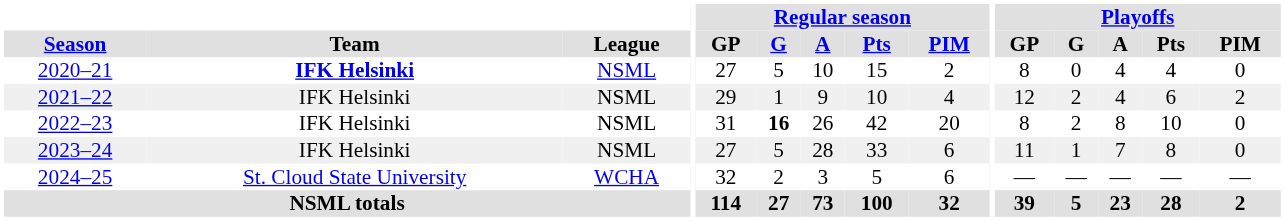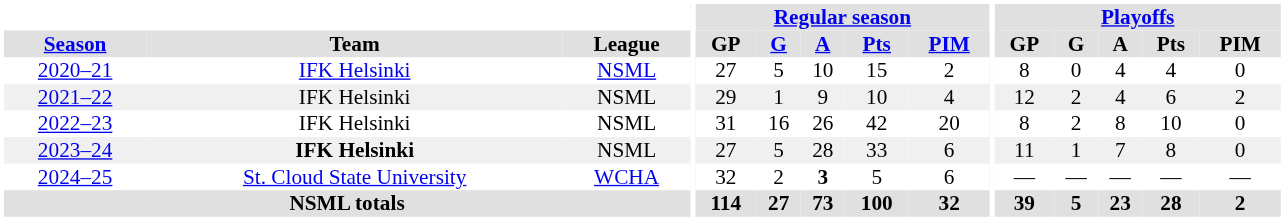 <table border="0" cellpadding="1" cellspacing="0" style="text-align:center; width:60em">
 <tr bgcolor="#e0e0e0">
 <th colspan="3" bgcolor="#ffffff"></th>
 <th rowspan="97" bgcolor="#ffffff"></th>
 <th colspan="5"><a href='#'>Regular season</a></th>
 <th rowspan="97" bgcolor="#ffffff"></th>
 <th colspan="5"><a href='#'>Playoffs</a></th>
 </tr>
 <tr bgcolor="#e0e0e0">
 <th><a href='#'>Season</a></th>
 <th>Team</th>
 <th>League</th>
 <th>GP</th>
 <th><a href='#'>G</a></th>
 <th><a href='#'>A</a></th>
 <th><a href='#'>Pts</a></th>
 <th><a href='#'>PIM</a></th>
 <th>GP</th>
 <th>G</th>
 <th>A</th>
 <th>Pts</th>
 <th>PIM</th>
 </tr>
 <tr>
 <td><a href='#'>2020–21</a></td>
-<td><strong><a href='#'>IFK Helsinki</a></strong></td>
+<td><a href='#'>IFK Helsinki</a></td>
 <td><a href='#'>NSML</a></td>
 <td>27</td>
 <td>5</td>
 <td>10</td>
 <td>15</td>
 <td>2</td>
 <td>8</td>
 <td>0</td>
 <td>4</td>
 <td>4</td>
 <td>0</td>
 </tr>
 <tr bgcolor="#f0f0f0">
 <td><a href='#'>2021–22</a></td>
 <td>IFK Helsinki</td>
 <td>NSML</td>
 <td>29</td>
 <td>1</td>
 <td>9</td>
 <td>10</td>
 <td>4</td>
 <td>12</td>
 <td>2</td>
 <td>4</td>
 <td>6</td>
 <td>2</td>
 </tr>
 <tr>
 <td><a href='#'>2022–23</a></td>
 <td>IFK Helsinki</td>
 <td>NSML</td>
 <td>31</td>
-<td><strong>16</strong></td>
+<td>16</td>
 <td>26</td>
 <td>42</td>
 <td>20</td>
 <td>8</td>
 <td>2</td>
 <td>8</td>
 <td>10</td>
 <td>0</td>
 </tr>
 <tr bgcolor="#f0f0f0">
 <td><a href='#'>2023–24</a></td>
-<td>IFK Helsinki</td>
+<td><strong>IFK Helsinki</strong></td>
 <td>NSML</td>
 <td>27</td>
 <td>5</td>
 <td>28</td>
 <td>33</td>
 <td>6</td>
 <td>11</td>
 <td>1</td>
 <td>7</td>
 <td>8</td>
 <td>0</td>
 </tr>
 <tr>
 <td><a href='#'>2024–25</a></td>
 <td><a href='#'>St. Cloud State University</a></td>
 <td><a href='#'>WCHA</a></td>
 <td>32</td>
 <td>2</td>
-<td>3</td>
+<td><strong>3</strong></td>
 <td>5</td>
 <td>6</td>
 <td>—</td>
 <td>—</td>
 <td>—</td>
 <td>—</td>
 <td>—</td>
 </tr>
 <tr bgcolor="#e0e0e0">
 <th colspan="3">NSML totals</th>
 <th>114</th>
 <th>27</th>
 <th>73</th>
 <th>100</th>
 <th>32</th>
 <th>39</th>
 <th>5</th>
 <th>23</th>
 <th>28</th>
 <th>2</th>
 </tr>
 </table>
